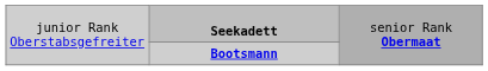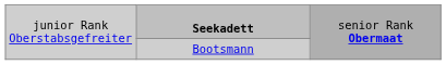 <table class="toccolours" border="1" cellpadding="4" cellspacing="0" style="border-collapse: collapse; margin: 0.5em auto; clear: both;">
 <tr>
 <td width="30%" align="center" rowspan="2"  style="background:#cfcfcf;">junior Rank<br><a href='#'>Oberstabsgefreiter</a></td>
 <td width="40%" align="center" rowspan="1" style="background:#bfbfbf;"><br><span><strong>Seekadett</strong></span></td>
 <td width="30%" align="center" rowspan="2" style="background:#afafaf;">senior Rank<br><strong><a href='#'>Obermaat</a></strong></td>
 </tr>
 <tr>
-<td width="30%" align="center" style="background:#cfcfcf;"><strong><a href='#'>Bootsmann</a></strong></td>
+<td width="30%" align="center" style="background:#cfcfcf;"><a href='#'>Bootsmann</a></td>
 </tr>
 </table>
